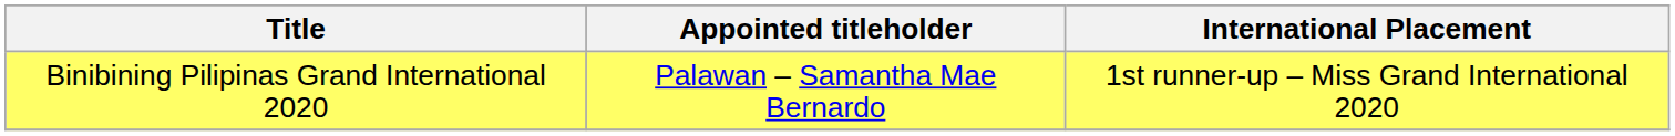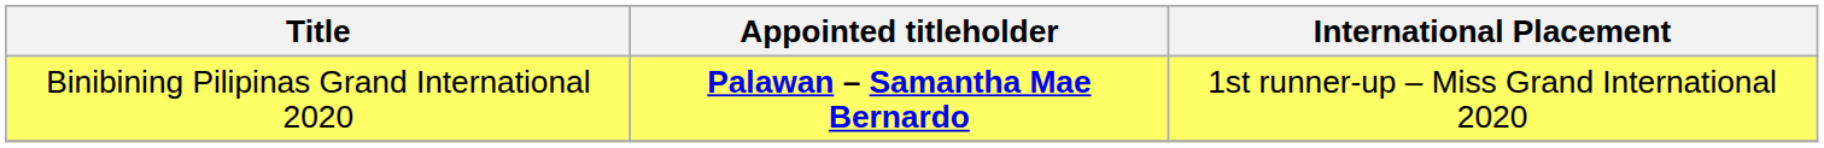 <table class="wikitable sortable" style="font-size:95%;">
 <tr>
 <th>Title</th>
 <th>Appointed titleholder</th>
 <th>International Placement</th>
 </tr>
 <tr style="background:#FFFF66;">
 <td align=center>Binibining Pilipinas Grand International 2020</td>
-<td align=center><a href='#'>Palawan</a> – <a href='#'>Samantha Mae Bernardo</a></td>
+<td align=center><strong><a href='#'>Palawan</a> – <a href='#'>Samantha Mae Bernardo</a></strong></td>
 <td align=center>1st runner-up – Miss Grand International 2020</td>
 </tr>
 <tr>
 </tr>
 </table>
